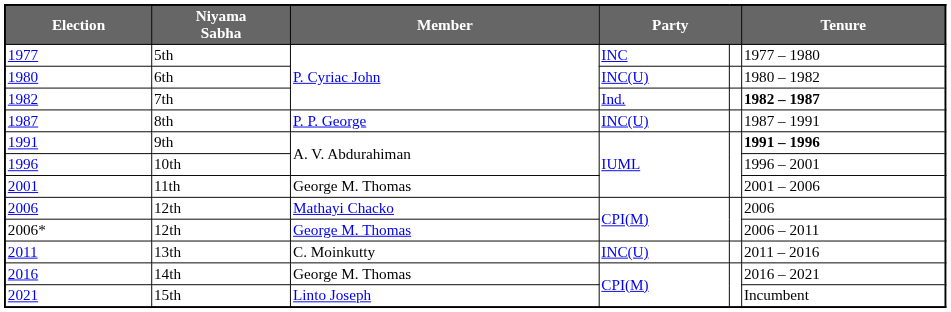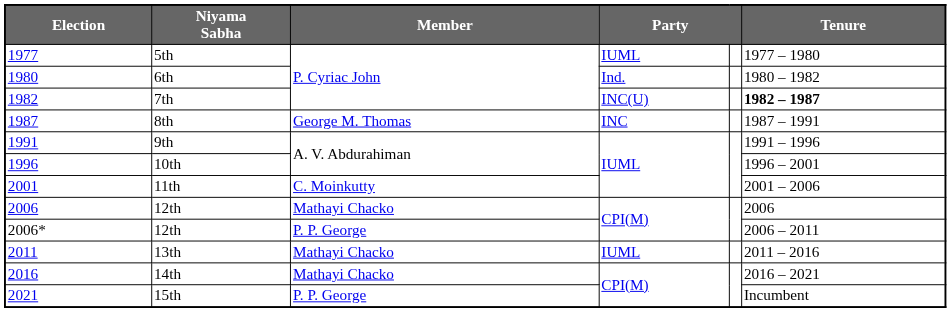 <table class="sortable" width="50%" cellpadding="2" cellspacing="0" border="1" style="border-collapse: collapse; border: 2px #000000 solid; font-size: x-big;">
 <tr>
 <th style="background-color:#666666; color:white">Election</th>
 <th style="background-color:#666666; color:white">Niyama<br>Sabha</th>
 <th style="background-color:#666666; color:white">Member</th>
 <th colspan="2" style="background-color:#666666; color:white">Party</th>
 <th style="background-color:#666666; color:white">Tenure</th>
 </tr>
 <tr>
 <td><a href='#'>1977</a></td>
 <td>5th</td>
 <td rowspan="3"><a href='#'>P. Cyriac John</a></td>
-<td><a href='#'>INC</a></td>
+<td><a href='#'>IUML</a></td>
 <td style="background-color: "></td>
 <td>1977 – 1980</td>
 </tr>
 <tr>
 <td><a href='#'>1980</a></td>
 <td>6th</td>
-<td><a href='#'>INC(U)</a></td>
+<td><a href='#'>Ind.</a></td>
 <td style="background-color: "></td>
 <td>1980 – 1982</td>
 </tr>
 <tr>
 <td><a href='#'>1982</a></td>
 <td>7th</td>
-<td><a href='#'>Ind.</a></td>
+<td><a href='#'>INC(U)</a></td>
 <td style="background-color: "></td>
 <td><strong>1982 – 1987</strong></td>
 </tr>
 <tr>
 <td><a href='#'>1987</a></td>
 <td>8th</td>
-<td><a href='#'>P. P. George</a></td>
-<td><a href='#'>INC(U)</a></td>
+<td><a href='#'>George M. Thomas</a></td>
+<td><a href='#'>INC</a></td>
 <td style="background-color: "></td>
 <td>1987 – 1991</td>
 </tr>
 <tr>
 <td><a href='#'>1991</a></td>
 <td>9th</td>
 <td rowspan="2">A. V. Abdurahiman</td>
 <td rowspan="3"><a href='#'>IUML</a></td>
 <td rowspan="3" style="background-color: "></td>
-<td><strong>1991 – 1996</strong></td>
+<td>1991 – 1996</td>
 </tr>
 <tr>
 <td><a href='#'>1996</a></td>
 <td>10th</td>
 <td>1996 – 2001</td>
 </tr>
 <tr>
 <td><a href='#'>2001</a></td>
 <td>11th</td>
-<td>George M. Thomas</td>
+<td><a href='#'>C. Moinkutty</a></td>
 <td>2001 – 2006</td>
 </tr>
 <tr>
 <td><a href='#'>2006</a></td>
 <td>12th</td>
 <td><a href='#'>Mathayi Chacko</a></td>
 <td rowspan="2"><a href='#'>CPI(M)</a></td>
 <td rowspan="2" style="background-color: "></td>
 <td>2006</td>
 </tr>
 <tr>
 <td>2006*</td>
 <td>12th</td>
-<td><a href='#'>George M. Thomas</a></td>
+<td><a href='#'>P. P. George</a></td>
 <td>2006 – 2011</td>
 </tr>
 <tr>
 <td><a href='#'>2011</a></td>
 <td>13th</td>
-<td>C. Moinkutty</td>
-<td><a href='#'>INC(U)</a></td>
+<td><a href='#'>Mathayi Chacko</a></td>
+<td><a href='#'>IUML</a></td>
 <td style="background-color: "></td>
 <td>2011 – 2016</td>
 </tr>
 <tr>
 <td><a href='#'>2016</a></td>
 <td>14th</td>
-<td>George M. Thomas</td>
+<td><a href='#'>Mathayi Chacko</a></td>
 <td rowspan="2"><a href='#'>CPI(M)</a></td>
 <td rowspan="2" style="background-color: "></td>
 <td>2016 – 2021</td>
 </tr>
 <tr>
 <td><a href='#'>2021</a></td>
 <td>15th</td>
-<td><a href='#'>Linto Joseph</a></td>
+<td><a href='#'>P. P. George</a></td>
 <td>Incumbent</td>
 </tr>
 </table>
